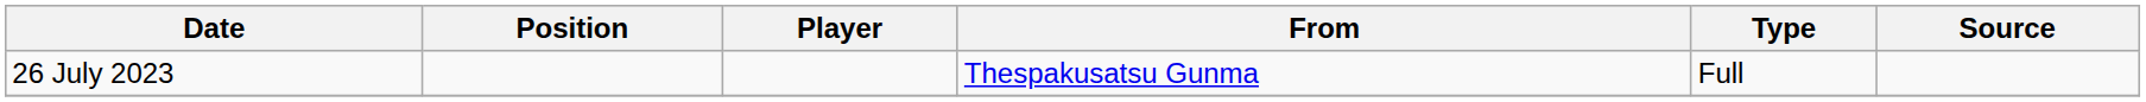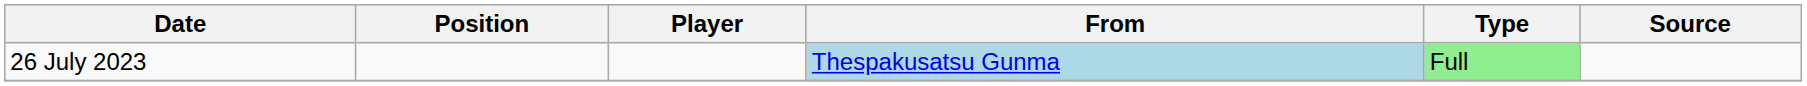 <table class="wikitable sortable" style="width:90%; text-align:center; font-size:95%; text-align:left;">
 <tr>
 <th>Date</th>
 <th>Position</th>
 <th>Player</th>
 <th>From</th>
 <th>Type</th>
 <th>Source</th>
 </tr>
 <tr>
 <td>26 July 2023</td>
 <td></td>
 <td></td>
-<td> <a href='#'>Thespakusatsu Gunma</a></td>
-<td>Full</td>
+<td style="background: lightblue;"> <a href='#'>Thespakusatsu Gunma</a></td>
+<td style="background: lightgreen;">Full</td>
 <td></td>
 </tr>
 <tr>
 </tr>
 </table>
